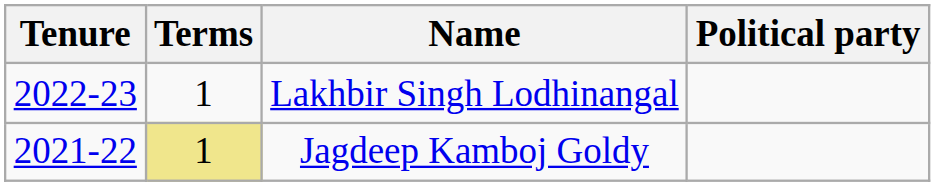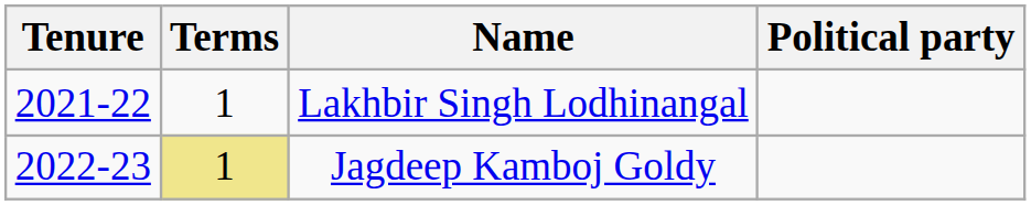 <table class="wikitable sortable">
 <tr>
 <th>Tenure</th>
 <th>Terms</th>
 <th>Name</th>
 <th colspan="2">Political party</th>
 </tr>
 <tr align="center">
-<td><a href='#'>2022-23</a></td>
+<td><a href='#'>2021-22</a></td>
 <td>1</td>
 <td><a href='#'>Lakhbir Singh Lodhinangal</a></td>
 <td></td>
 </tr>
 <tr align="center">
-<td><a href='#'>2021-22</a></td>
+<td><a href='#'>2022-23</a></td>
 <td style="background: khaki;">1</td>
 <td><a href='#'>Jagdeep Kamboj Goldy</a></td>
 <td></td>
 </tr>
 </table>
